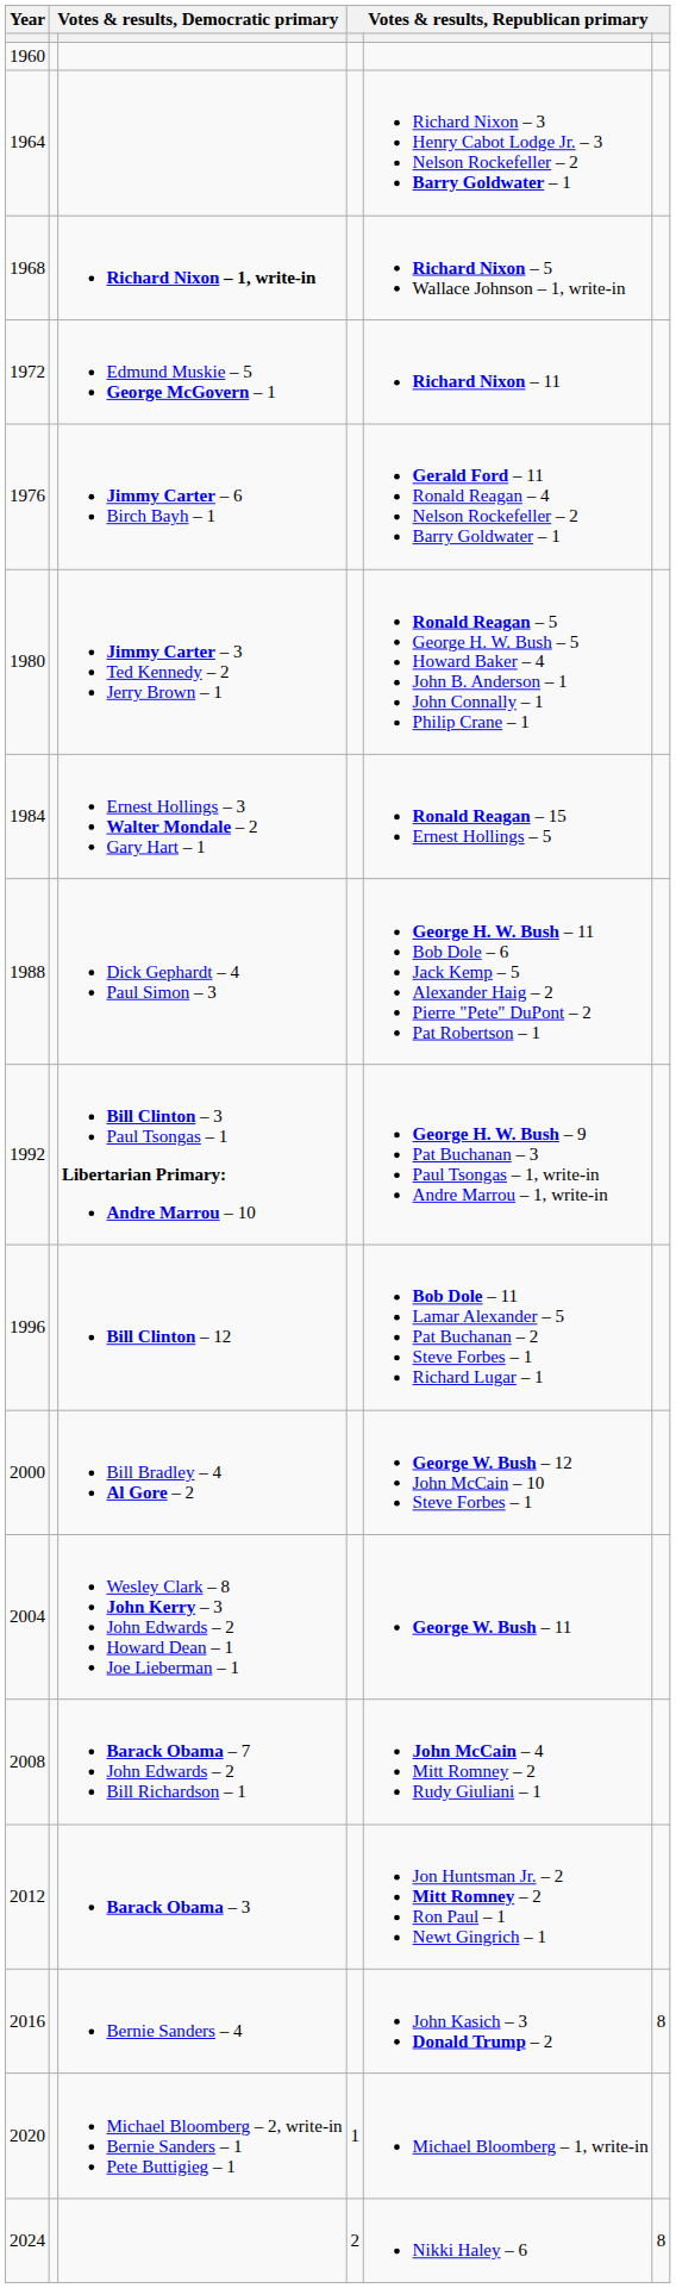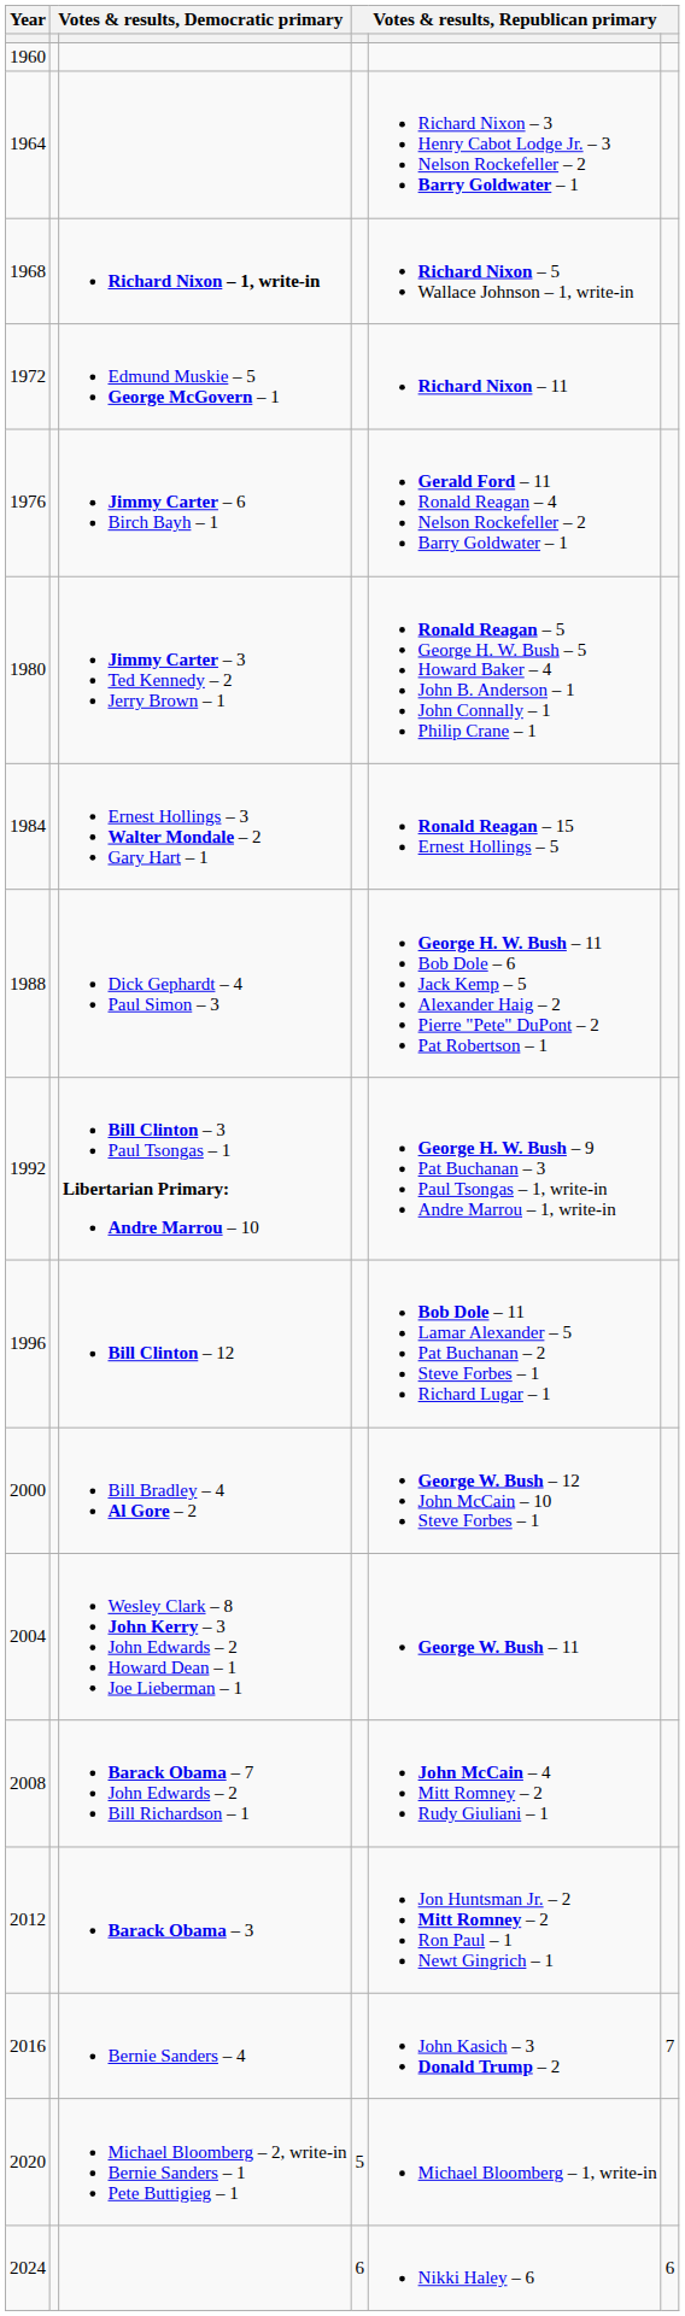 <table class="wikitable sortable">
 <tr>
 <th>Year</th>
 <th colspan="2">Votes & results, Democratic primary</th>
 <th colspan="3">Votes & results, Republican primary</th>
 </tr>
 <tr>
 <th></th>
 <th></th>
 <th class="unsortable"></th>
 <th></th>
 <th class="unsortable"></th>
 <th></th>
 </tr>
 <tr>
 <td>1960</td>
 <td></td>
 <td></td>
 <td></td>
 <td></td>
 <td></td>
 </tr>
 <tr>
 <td>1964</td>
 <td></td>
 <td></td>
 <td></td>
 <td><br><ul><li><a href='#'>Richard Nixon</a> – 3</li><li><a href='#'>Henry Cabot Lodge Jr.</a> – 3</li><li><a href='#'>Nelson Rockefeller</a> – 2</li><li><strong><a href='#'>Barry Goldwater</a></strong> – 1</li></ul></td>
 <td></td>
 </tr>
 <tr>
 <td>1968</td>
 <td></td>
 <td><strong><br><ul><li><a href='#'>Richard Nixon</a> – 1, write-in</li></ul></strong></td>
 <td></td>
 <td><br><ul><li><strong><a href='#'>Richard Nixon</a></strong> – 5</li><li>Wallace Johnson – 1, write-in</li></ul></td>
 <td></td>
 </tr>
 <tr>
 <td>1972</td>
 <td></td>
 <td><br><ul><li><a href='#'>Edmund Muskie</a> – 5</li><li><strong><a href='#'>George McGovern</a></strong> – 1</li></ul></td>
 <td></td>
 <td><br><ul><li><strong><a href='#'>Richard Nixon</a></strong> – 11</li></ul></td>
 <td></td>
 </tr>
 <tr>
 <td>1976</td>
 <td></td>
 <td><br><ul><li><strong><a href='#'>Jimmy Carter</a></strong> – 6</li><li><a href='#'>Birch Bayh</a> – 1</li></ul></td>
 <td></td>
 <td><br><ul><li><strong><a href='#'>Gerald Ford</a></strong> – 11</li><li><a href='#'>Ronald Reagan</a> – 4</li><li><a href='#'>Nelson Rockefeller</a> – 2</li><li><a href='#'>Barry Goldwater</a> – 1</li></ul></td>
 <td></td>
 </tr>
 <tr>
 <td>1980</td>
 <td></td>
 <td><br><ul><li><strong><a href='#'>Jimmy Carter</a></strong> – 3</li><li><a href='#'>Ted Kennedy</a> – 2</li><li><a href='#'>Jerry Brown</a> – 1</li></ul></td>
 <td></td>
 <td><br><ul><li><strong><a href='#'>Ronald Reagan</a></strong> – 5</li><li><a href='#'>George H. W. Bush</a> – 5</li><li><a href='#'>Howard Baker</a> – 4</li><li><a href='#'>John B. Anderson</a> – 1</li><li><a href='#'>John Connally</a> – 1</li><li><a href='#'>Philip Crane</a> – 1</li></ul></td>
 <td></td>
 </tr>
 <tr>
 <td>1984</td>
 <td></td>
 <td><br><ul><li><a href='#'>Ernest Hollings</a> – 3</li><li><strong><a href='#'>Walter Mondale</a></strong> – 2</li><li><a href='#'>Gary Hart</a> – 1</li></ul></td>
 <td></td>
 <td><br><ul><li><strong><a href='#'>Ronald Reagan</a></strong> – 15</li><li><a href='#'>Ernest Hollings</a> – 5</li></ul></td>
 <td></td>
 </tr>
 <tr>
 <td>1988</td>
 <td></td>
 <td><br><ul><li><a href='#'>Dick Gephardt</a> – 4</li><li><a href='#'>Paul Simon</a> – 3</li></ul></td>
 <td></td>
 <td><br><ul><li><strong><a href='#'>George H. W. Bush</a></strong> – 11</li><li><a href='#'>Bob Dole</a> – 6</li><li><a href='#'>Jack Kemp</a> – 5</li><li><a href='#'>Alexander Haig</a> – 2</li><li><a href='#'>Pierre "Pete" DuPont</a> – 2</li><li><a href='#'>Pat Robertson</a> – 1</li></ul></td>
 <td></td>
 </tr>
 <tr>
 <td>1992</td>
 <td></td>
 <td><br><ul><li><strong><a href='#'>Bill Clinton</a></strong> – 3</li><li><a href='#'>Paul Tsongas</a> – 1</li></ul> <strong>Libertarian Primary:</strong><ul><li><strong><a href='#'>Andre Marrou</a></strong> – 10</li></ul></td>
 <td></td>
 <td><br><ul><li><strong><a href='#'>George H. W. Bush</a></strong> – 9</li><li><a href='#'>Pat Buchanan</a> – 3</li><li><a href='#'>Paul Tsongas</a> – 1, write-in</li><li><a href='#'>Andre Marrou</a> – 1, write-in</li></ul></td>
 <td></td>
 </tr>
 <tr>
 <td>1996</td>
 <td></td>
 <td><br><ul><li><strong><a href='#'>Bill Clinton</a></strong> – 12</li></ul></td>
 <td></td>
 <td><br><ul><li><strong><a href='#'>Bob Dole</a></strong> – 11</li><li><a href='#'>Lamar Alexander</a> – 5</li><li><a href='#'>Pat Buchanan</a> – 2</li><li><a href='#'>Steve Forbes</a> – 1</li><li><a href='#'>Richard Lugar</a> – 1</li></ul></td>
 <td></td>
 </tr>
 <tr>
 <td>2000</td>
 <td></td>
 <td><br><ul><li><a href='#'>Bill Bradley</a> – 4</li><li><strong><a href='#'>Al Gore</a></strong> – 2</li></ul></td>
 <td></td>
 <td><br><ul><li><strong><a href='#'>George W. Bush</a></strong> – 12</li><li><a href='#'>John McCain</a> – 10</li><li><a href='#'>Steve Forbes</a> – 1</li></ul></td>
 <td></td>
 </tr>
 <tr>
 <td>2004</td>
 <td></td>
 <td><br><ul><li><a href='#'>Wesley Clark</a> – 8</li><li><strong><a href='#'>John Kerry</a></strong> – 3</li><li><a href='#'>John Edwards</a> – 2</li><li><a href='#'>Howard Dean</a> – 1</li><li><a href='#'>Joe Lieberman</a> – 1</li></ul></td>
 <td></td>
 <td><br><ul><li><strong><a href='#'>George W. Bush</a></strong> – 11</li></ul></td>
 <td></td>
 </tr>
 <tr>
 <td>2008</td>
 <td></td>
 <td><br><ul><li><strong><a href='#'>Barack Obama</a></strong> – 7</li><li><a href='#'>John Edwards</a> – 2</li><li><a href='#'>Bill Richardson</a> – 1</li></ul></td>
 <td></td>
 <td><br><ul><li><strong><a href='#'>John McCain</a></strong> – 4</li><li><a href='#'>Mitt Romney</a> – 2</li><li><a href='#'>Rudy Giuliani</a> – 1</li></ul></td>
 <td></td>
 </tr>
 <tr>
 <td>2012</td>
 <td></td>
 <td><br><ul><li><strong><a href='#'>Barack Obama</a></strong> – 3</li></ul></td>
 <td></td>
 <td><br><ul><li><a href='#'>Jon Huntsman Jr.</a> – 2</li><li><strong><a href='#'>Mitt Romney</a></strong> – 2</li><li><a href='#'>Ron Paul</a> – 1</li><li><a href='#'>Newt Gingrich</a> – 1</li></ul></td>
 <td></td>
 </tr>
 <tr>
 <td>2016</td>
 <td></td>
 <td><br><ul><li><a href='#'>Bernie Sanders</a> – 4</li></ul></td>
 <td></td>
 <td><br><ul><li><a href='#'>John Kasich</a> – 3</li><li><strong><a href='#'>Donald Trump</a></strong> – 2</li></ul></td>
-<td>8</td>
+<td>7</td>
 </tr>
 <tr>
 <td>2020</td>
 <td></td>
 <td><br><ul><li><a href='#'>Michael Bloomberg</a> – 2, write-in</li><li><a href='#'>Bernie Sanders</a> – 1</li><li><a href='#'>Pete Buttigieg</a> – 1</li></ul></td>
-<td>1</td>
+<td>5</td>
 <td><br><ul><li><a href='#'>Michael Bloomberg</a> – 1, write-in</li></ul></td>
 <td></td>
 </tr>
 <tr>
 <td>2024</td>
 <td></td>
 <td></td>
-<td>2</td>
+<td>6</td>
 <td><br><ul><li><a href='#'>Nikki Haley</a> – 6</li></ul></td>
-<td>8</td>
+<td>6</td>
 </tr>
 </table>
